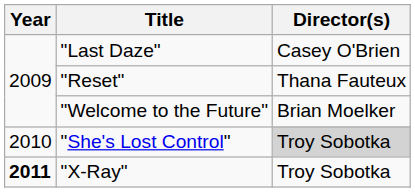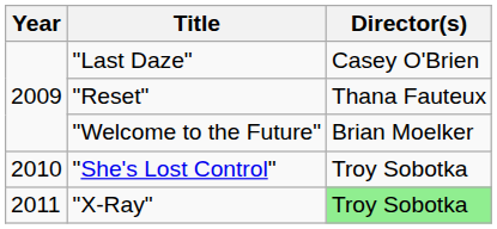 <table class="wikitable">
 <tr>
 <th>Year</th>
 <th>Title</th>
 <th>Director(s)</th>
 </tr>
 <tr>
 <td rowspan="3">2009</td>
 <td>"Last Daze"</td>
 <td>Casey O'Brien</td>
 </tr>
 <tr>
 <td>"Reset"</td>
 <td>Thana Fauteux</td>
 </tr>
 <tr>
 <td>"Welcome to the Future"</td>
 <td>Brian Moelker</td>
 </tr>
 <tr>
 <td>2010</td>
 <td>"<a href='#'>She's Lost Control</a>"</td>
-<td style="background: lightgrey;">Troy Sobotka</td>
+<td>Troy Sobotka</td>
 </tr>
 <tr>
-<td><strong>2011</strong></td>
+<td>2011</td>
 <td>"X-Ray"</td>
-<td>Troy Sobotka</td>
+<td style="background: lightgreen;">Troy Sobotka</td>
 </tr>
 </table>
